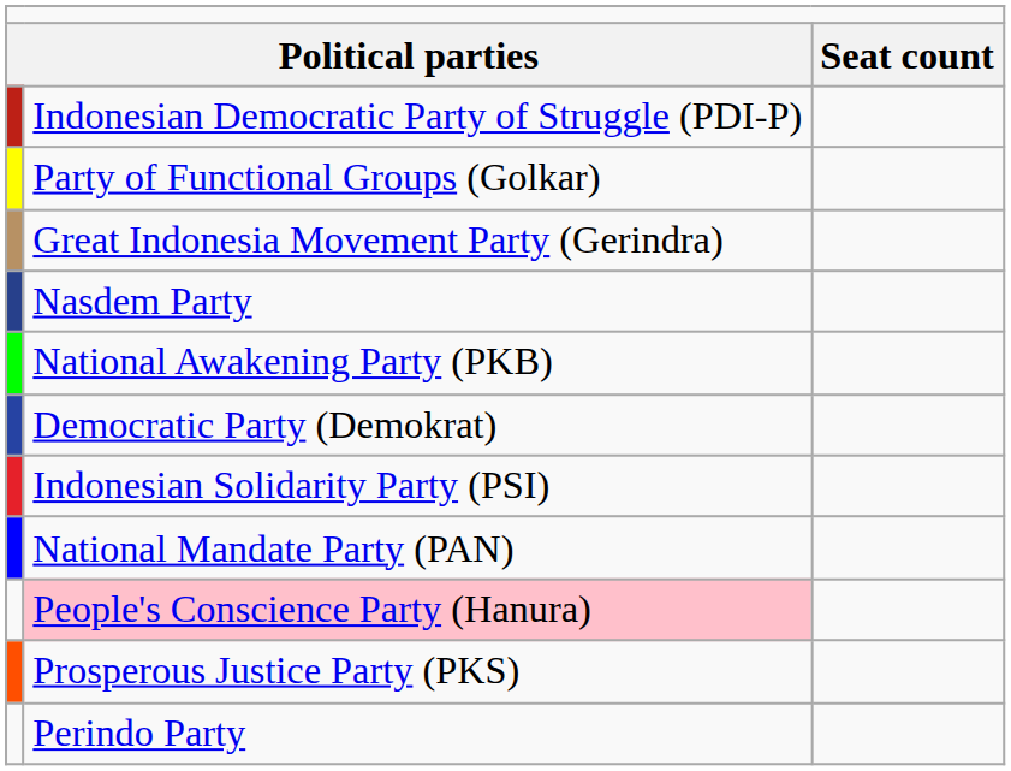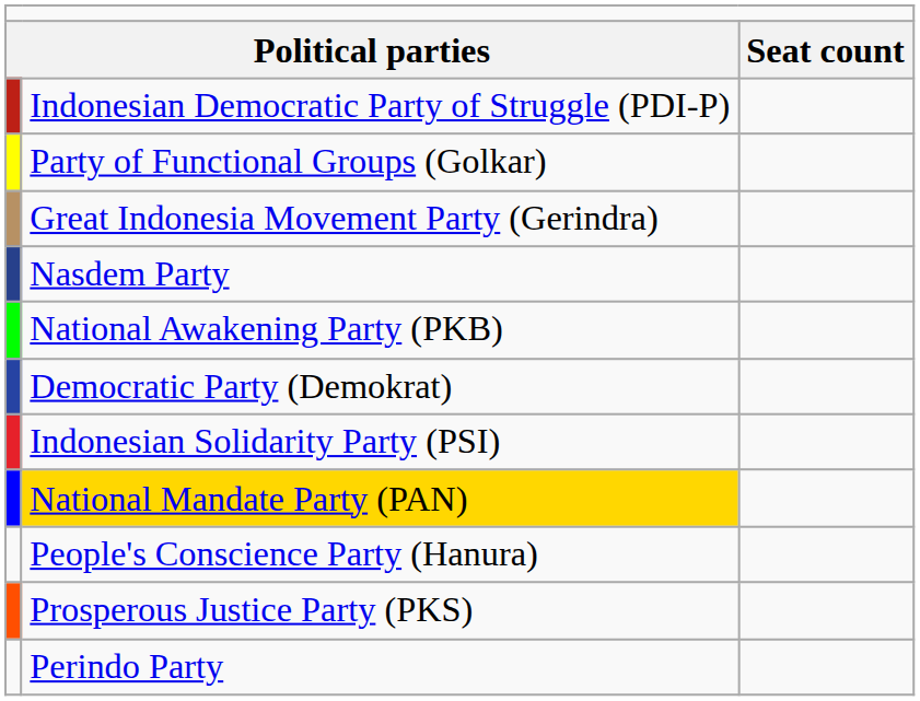 <table class="wikitable">
 <tr>
 <td colspan="4"></td>
 </tr>
 <tr>
 <th colspan="2">Political parties</th>
 <th>Seat count</th>
 </tr>
 <tr>
 <td bgcolor=#BD2016></td>
 <td><a href='#'>Indonesian Democratic Party of Struggle</a> (PDI-P)</td>
 <td></td>
 </tr>
 <tr>
 <td bgcolor=#FFFF00></td>
 <td><a href='#'>Party of Functional Groups</a> (Golkar)</td>
 <td></td>
 </tr>
 <tr>
 <td bgcolor=#B79164></td>
 <td><a href='#'>Great Indonesia Movement Party</a> (Gerindra)</td>
 <td></td>
 </tr>
 <tr>
 <td bgcolor=#27408B></td>
 <td><a href='#'>Nasdem Party</a></td>
 <td></td>
 </tr>
 <tr>
 <td bgcolor=#00FF00></td>
 <td><a href='#'>National Awakening Party</a> (PKB)</td>
 <td></td>
 </tr>
 <tr>
 <td bgcolor=#2643A3></td>
 <td><a href='#'>Democratic Party</a> (Demokrat)</td>
 <td></td>
 </tr>
 <tr>
 <td bgcolor=#E6212A></td>
 <td><a href='#'>Indonesian Solidarity Party</a> (PSI)</td>
 <td></td>
 </tr>
 <tr>
 <td bgcolor=#0000FF></td>
-<td><a href='#'>National Mandate Party</a> (PAN)</td>
+<td style="background: gold;"><a href='#'>National Mandate Party</a> (PAN)</td>
 <td></td>
 </tr>
 <tr>
 <td bgcolor=></td>
-<td style="background: pink;"><a href='#'>People's Conscience Party</a> (Hanura)</td>
+<td><a href='#'>People's Conscience Party</a> (Hanura)</td>
 <td></td>
 </tr>
 <tr>
 <td bgcolor=#FF4F00></td>
 <td><a href='#'>Prosperous Justice Party</a> (PKS)</td>
 <td></td>
 </tr>
 <tr>
 <td bgcolor=></td>
 <td><a href='#'>Perindo Party</a></td>
 <td></td>
 </tr>
 </table>
